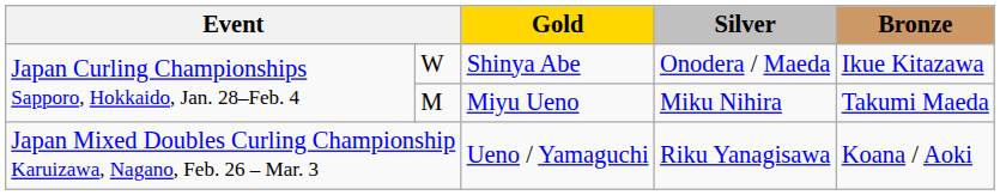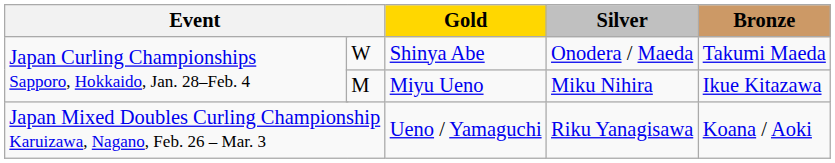 <table class="wikitable">
 <tr>
 <th colspan="3">Event</th>
 <th style="background:gold">Gold</th>
 <th style="background:silver">Silver</th>
 <th style="background:#cc9966">Bronze</th>
 </tr>
 <tr>
 <td colspan="2" rowspan="2"><a href='#'>Japan Curling Championships</a><br> <small><a href='#'>Sapporo</a>, <a href='#'>Hokkaido</a>, Jan. 28–Feb. 4</small></td>
 <td>W</td>
 <td> <a href='#'>Shinya Abe</a></td>
 <td> <a href='#'>Onodera</a> / <a href='#'>Maeda</a></td>
-<td> <a href='#'>Ikue Kitazawa</a></td>
+<td> <a href='#'>Takumi Maeda</a></td>
 </tr>
 <tr>
 <td>M</td>
 <td> <a href='#'>Miyu Ueno</a></td>
 <td> <a href='#'>Miku Nihira</a></td>
-<td> <a href='#'>Takumi Maeda</a></td>
+<td> <a href='#'>Ikue Kitazawa</a></td>
 </tr>
 <tr>
 <td colspan="3"><a href='#'>Japan Mixed Doubles Curling Championship</a><br> <small><a href='#'>Karuizawa</a>, <a href='#'>Nagano</a>, Feb. 26 – Mar. 3</small></td>
 <td> <a href='#'>Ueno</a> / <a href='#'>Yamaguchi</a></td>
 <td> <a href='#'>Riku Yanagisawa</a></td>
 <td> <a href='#'>Koana</a> /  <a href='#'>Aoki</a></td>
 </tr>
 </table>
